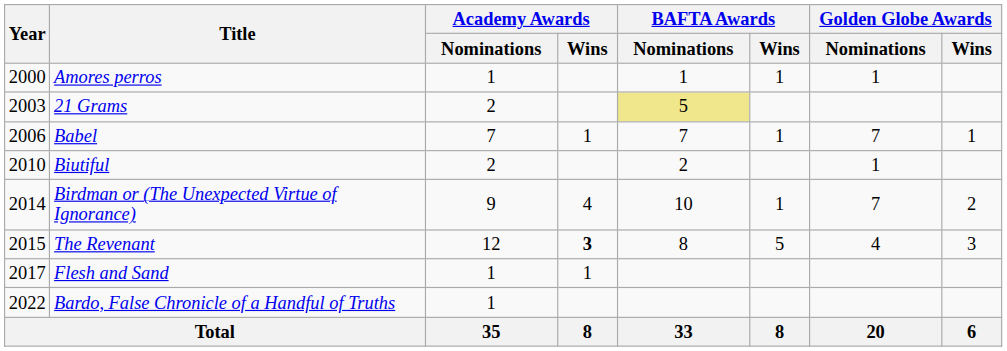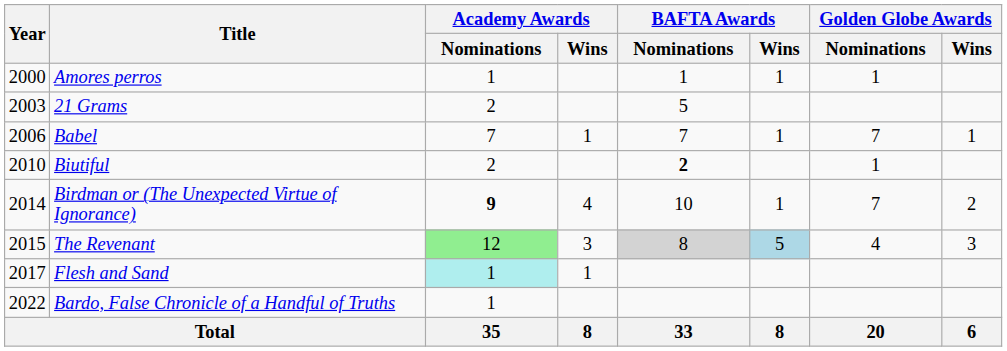 <table class="wikitable">
 <tr>
 <th rowspan="2">Year</th>
 <th rowspan="2">Title</th>
 <th colspan="2" style="text-align:center;" width=160><a href='#'>Academy Awards</a></th>
 <th colspan="2" style="text-align:center;" width=160><a href='#'>BAFTA Awards</a></th>
 <th colspan="2" style="text-align:center;" width=160><a href='#'>Golden Globe Awards</a></th>
 </tr>
 <tr>
 <th>Nominations</th>
 <th>Wins</th>
 <th>Nominations</th>
 <th>Wins</th>
 <th>Nominations</th>
 <th>Wins</th>
 </tr>
 <tr>
 <td>2000</td>
 <td><em><a href='#'>Amores perros</a></em></td>
 <td align="center">1</td>
 <td></td>
 <td align="center">1</td>
 <td align="center">1</td>
 <td align="center">1</td>
 <td></td>
 </tr>
 <tr>
 <td>2003</td>
 <td><em><a href='#'>21 Grams</a></em></td>
 <td align="center">2</td>
 <td></td>
-<td align="center" style="background: khaki;">5</td>
+<td align="center">5</td>
 <td></td>
 <td></td>
 <td></td>
 </tr>
 <tr>
 <td>2006</td>
 <td><em><a href='#'>Babel</a></em></td>
 <td align="center">7</td>
 <td align="center">1</td>
 <td align="center">7</td>
 <td align="center">1</td>
 <td align="center">7</td>
 <td align="center">1</td>
 </tr>
 <tr>
 <td>2010</td>
 <td><em><a href='#'>Biutiful</a></em></td>
 <td align="center">2</td>
 <td></td>
-<td align="center">2</td>
+<td align="center"><strong>2</strong></td>
 <td></td>
 <td align="center">1</td>
 <td></td>
 </tr>
 <tr>
 <td>2014</td>
 <td><em><a href='#'>Birdman or (The Unexpected Virtue of Ignorance)</a></em></td>
-<td align="center">9</td>
+<td align="center"><strong>9</strong></td>
 <td align="center">4</td>
 <td align="center">10</td>
 <td align="center">1</td>
 <td align="center">7</td>
 <td align="center">2</td>
 </tr>
 <tr>
 <td>2015</td>
 <td><em><a href='#'>The Revenant</a></em></td>
-<td align="center">12</td>
-<td align="center"><strong>3</strong></td>
-<td align="center">8</td>
-<td align="center">5</td>
+<td align="center" style="background: lightgreen;">12</td>
+<td align="center">3</td>
+<td align="center" style="background: lightgrey;">8</td>
+<td align="center" style="background: lightblue;">5</td>
 <td align="center">4</td>
 <td align="center">3</td>
 </tr>
 <tr>
 <td>2017</td>
 <td><em><a href='#'>Flesh and Sand</a></em></td>
-<td align="center">1</td>
+<td align="center" style="background: paleturquoise;">1</td>
 <td align="center">1</td>
 <td></td>
 <td></td>
 <td></td>
 <td></td>
 </tr>
 <tr>
 <td>2022</td>
 <td><em><a href='#'>Bardo, False Chronicle of a Handful of Truths</a></em></td>
 <td align="center">1</td>
 <td></td>
 <td></td>
 <td></td>
 <td></td>
 <td></td>
 </tr>
 <tr>
 <th colspan="2">Total</th>
 <th align="center">35</th>
 <th align="center">8</th>
 <th align="center">33</th>
 <th align="center">8</th>
 <th align="center">20</th>
 <th align="center">6</th>
 </tr>
 </table>
